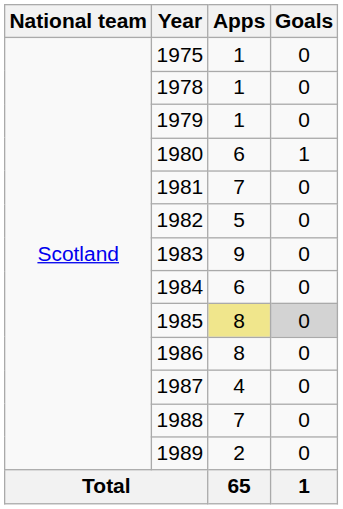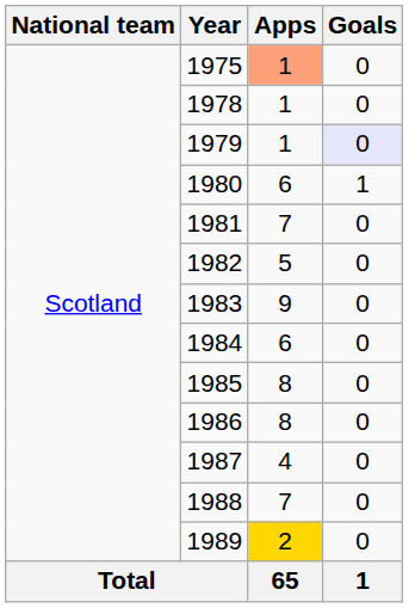 <table class="wikitable" style="text-align:center">
 <tr>
 <th>National team</th>
 <th>Year</th>
 <th>Apps</th>
 <th>Goals</th>
 </tr>
 <tr>
 <td rowspan="13"><a href='#'>Scotland</a></td>
 <td>1975</td>
-<td>1</td>
+<td style="background: lightsalmon;">1</td>
 <td>0</td>
 </tr>
 <tr>
 <td>1978</td>
 <td>1</td>
 <td>0</td>
 </tr>
 <tr>
 <td>1979</td>
 <td>1</td>
-<td>0</td>
+<td style="background: lavender;">0</td>
 </tr>
 <tr>
 <td>1980</td>
 <td>6</td>
 <td>1</td>
 </tr>
 <tr>
 <td>1981</td>
 <td>7</td>
 <td>0</td>
 </tr>
 <tr>
 <td>1982</td>
 <td>5</td>
 <td>0</td>
 </tr>
 <tr>
 <td>1983</td>
 <td>9</td>
 <td>0</td>
 </tr>
 <tr>
 <td>1984</td>
 <td>6</td>
 <td>0</td>
 </tr>
 <tr>
 <td>1985</td>
-<td style="background: khaki;">8</td>
-<td style="background: lightgrey;">0</td>
+<td>8</td>
+<td>0</td>
 </tr>
 <tr>
 <td>1986</td>
 <td>8</td>
 <td>0</td>
 </tr>
 <tr>
 <td>1987</td>
 <td>4</td>
 <td>0</td>
 </tr>
 <tr>
 <td>1988</td>
 <td>7</td>
 <td>0</td>
 </tr>
 <tr>
 <td>1989</td>
-<td>2</td>
+<td style="background: gold;">2</td>
 <td>0</td>
 </tr>
 <tr>
 <th colspan="2">Total</th>
 <th>65</th>
 <th>1</th>
 </tr>
 </table>
